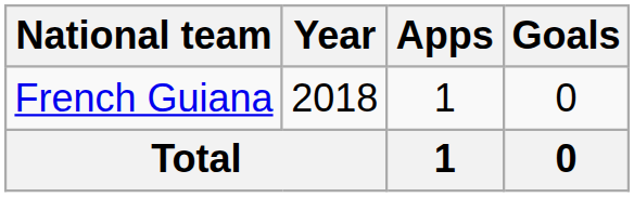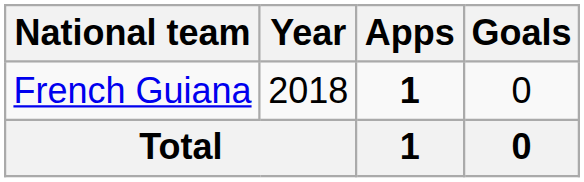 <table class="wikitable" style="text-align:center">
 <tr>
 <th>National team</th>
 <th>Year</th>
 <th>Apps</th>
 <th>Goals</th>
 </tr>
 <tr>
 <td rowspan="1"><a href='#'>French Guiana</a></td>
 <td>2018</td>
-<td>1</td>
+<td><strong>1</strong></td>
 <td>0</td>
 </tr>
 <tr>
 <th colspan=2>Total</th>
 <th>1</th>
 <th>0</th>
 </tr>
 </table>
